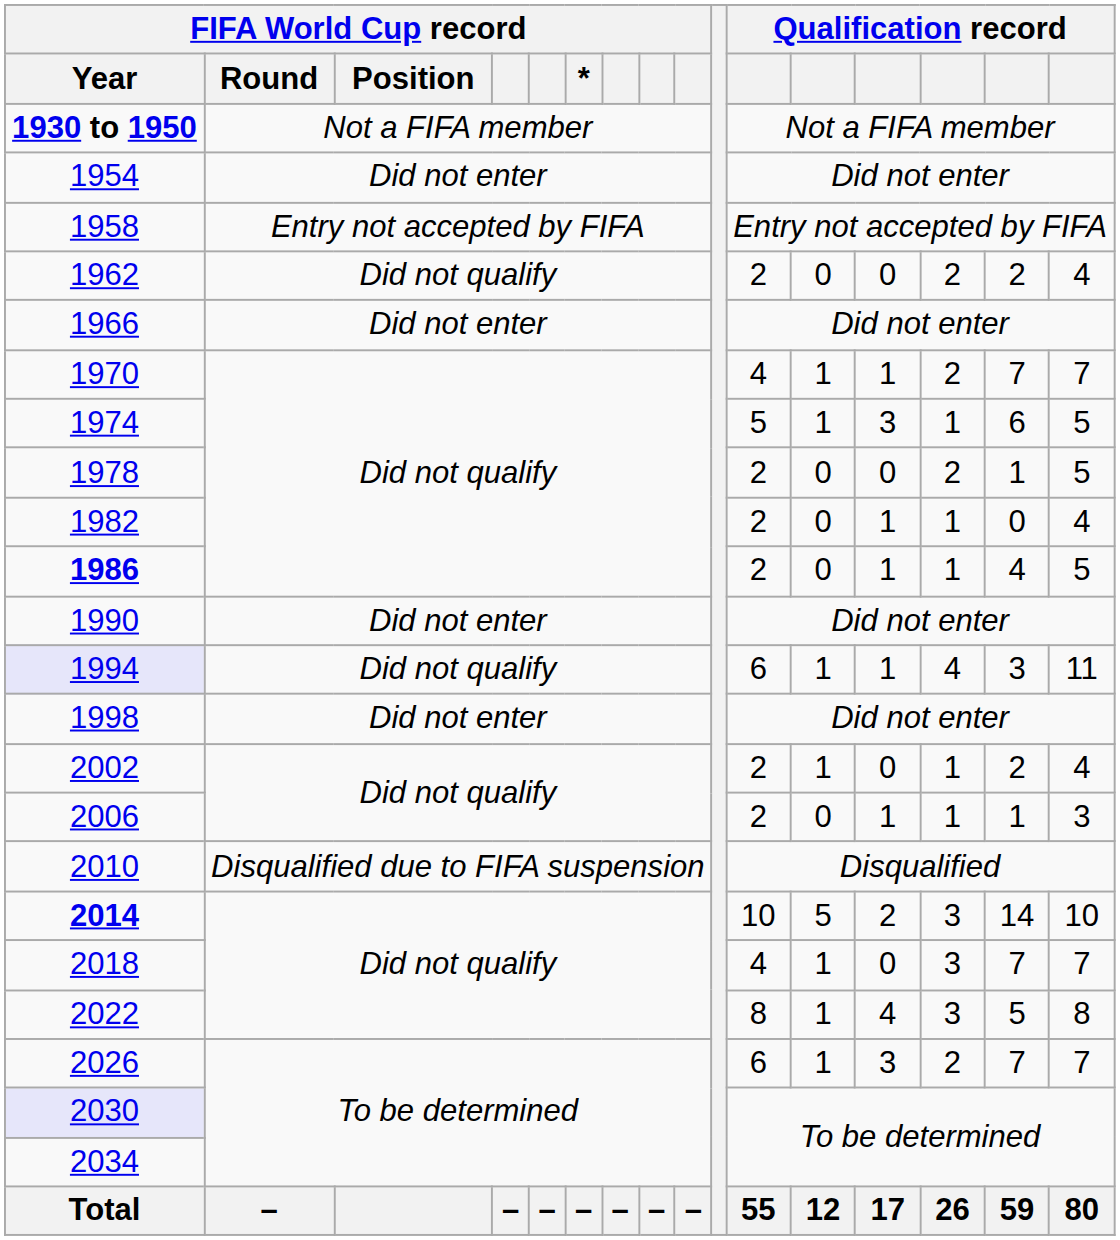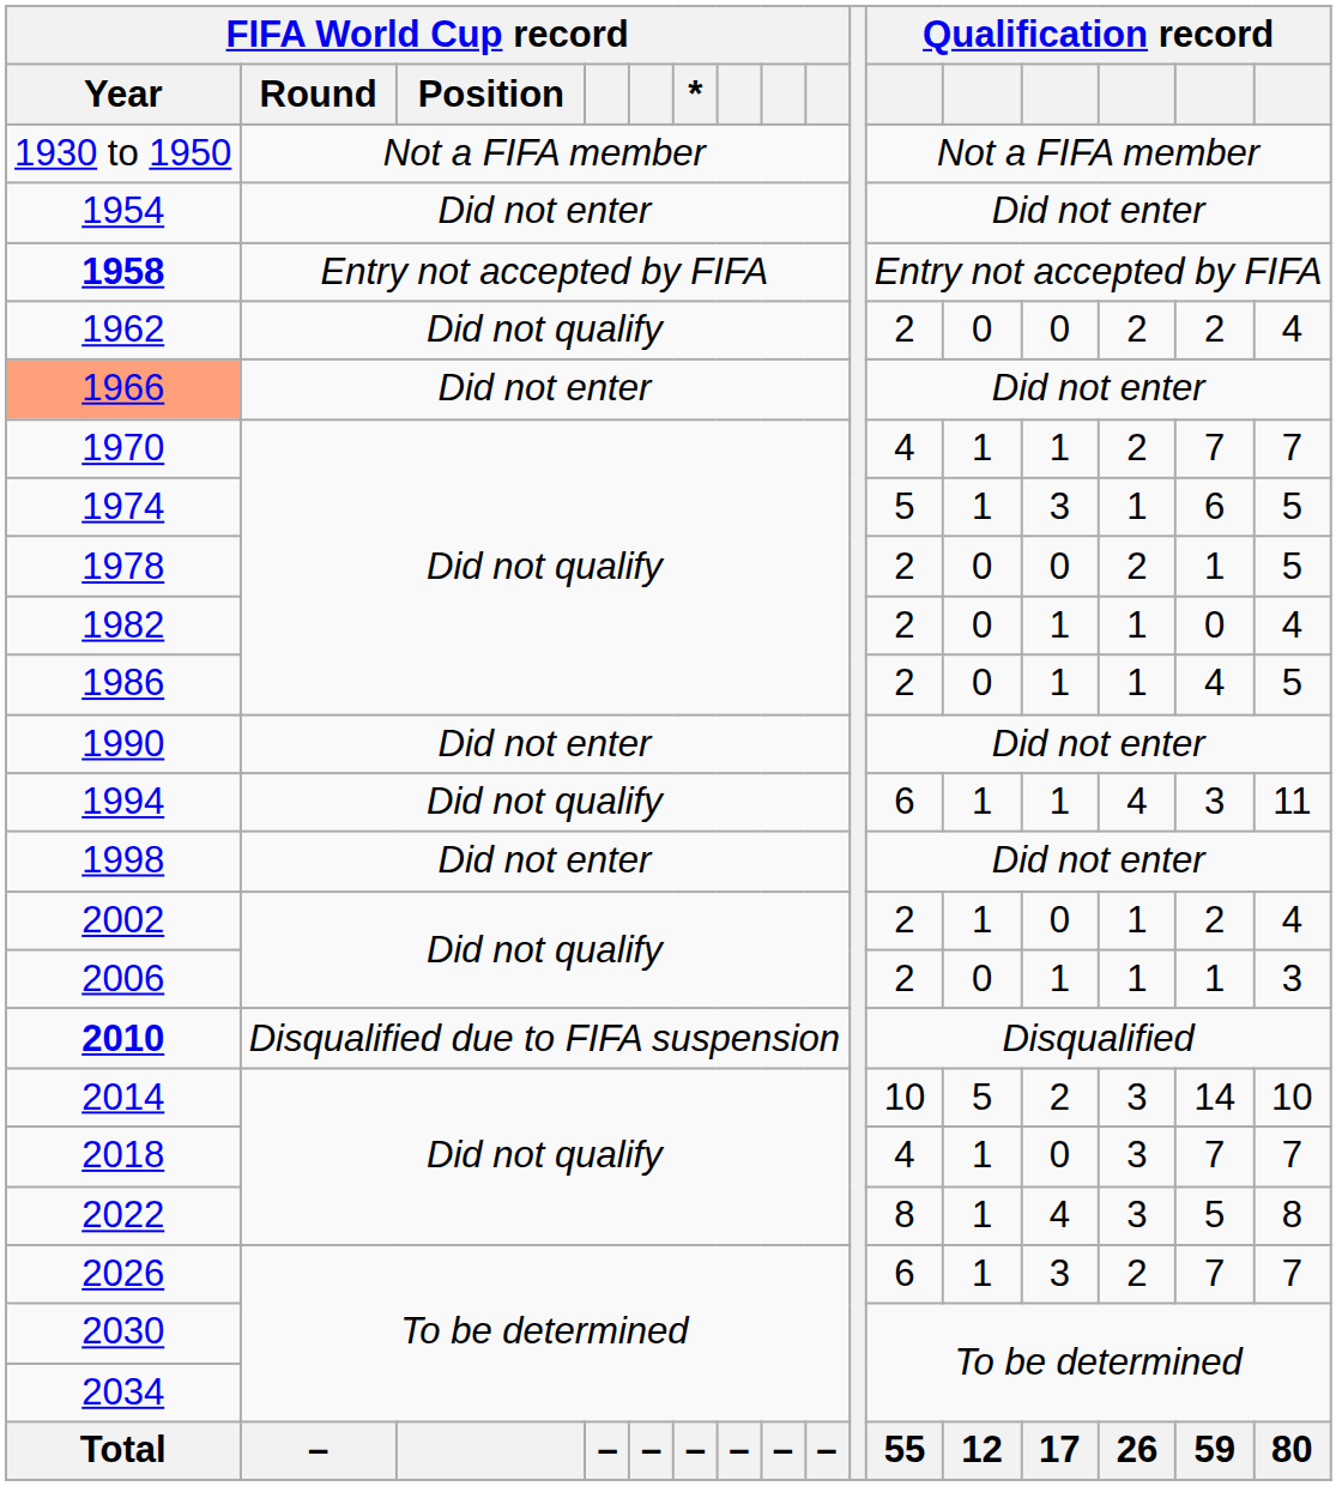 <table class="wikitable" style="text-align:center">
 <tr>
 <th colspan=9><a href='#'>FIFA World Cup</a> record</th>
 <th rowspan=28></th>
 <th colspan=6><a href='#'>Qualification</a> record</th>
 </tr>
 <tr>
 <th>Year</th>
 <th>Round</th>
 <th>Position</th>
 <th></th>
 <th></th>
 <th>*</th>
 <th></th>
 <th></th>
 <th></th>
 <th></th>
 <th></th>
 <th></th>
 <th></th>
 <th></th>
 <th></th>
 </tr>
 <tr>
-<td><strong><a href='#'>1930</a> to <a href='#'>1950</a></strong></td>
+<td><a href='#'>1930</a> to <a href='#'>1950</a></td>
 <td colspan=8><em>Not a FIFA member</em></td>
 <td colspan=6><em>Not a FIFA member</em></td>
 </tr>
 <tr>
 <td> <a href='#'>1954</a></td>
 <td colspan=8><em>Did not enter</em></td>
 <td colspan=6><em>Did not enter</em></td>
 </tr>
 <tr>
-<td> <a href='#'>1958</a></td>
+<td><strong> <a href='#'>1958</a></strong></td>
 <td colspan=8><em>Entry not accepted by FIFA</em></td>
 <td colspan=6><em>Entry not accepted by FIFA</em></td>
 </tr>
 <tr>
 <td> <a href='#'>1962</a></td>
 <td colspan=8><em>Did not qualify</em></td>
 <td>2</td>
 <td>0</td>
 <td>0</td>
 <td>2</td>
 <td>2</td>
 <td>4</td>
 </tr>
 <tr>
-<td> <a href='#'>1966</a></td>
+<td style="background: lightsalmon;"> <a href='#'>1966</a></td>
 <td colspan=8><em>Did not enter</em></td>
 <td colspan=6><em>Did not enter</em></td>
 </tr>
 <tr>
 <td> <a href='#'>1970</a></td>
 <td colspan=8 rowspan=5><em>Did not qualify</em></td>
 <td>4</td>
 <td>1</td>
 <td>1</td>
 <td>2</td>
 <td>7</td>
 <td>7</td>
 </tr>
 <tr>
 <td> <a href='#'>1974</a></td>
 <td>5</td>
 <td>1</td>
 <td>3</td>
 <td>1</td>
 <td>6</td>
 <td>5</td>
 </tr>
 <tr>
 <td> <a href='#'>1978</a></td>
 <td>2</td>
 <td>0</td>
 <td>0</td>
 <td>2</td>
 <td>1</td>
 <td>5</td>
 </tr>
 <tr>
 <td> <a href='#'>1982</a></td>
 <td>2</td>
 <td>0</td>
 <td>1</td>
 <td>1</td>
 <td>0</td>
 <td>4</td>
 </tr>
 <tr>
-<td><strong> <a href='#'>1986</a></strong></td>
+<td> <a href='#'>1986</a></td>
 <td>2</td>
 <td>0</td>
 <td>1</td>
 <td>1</td>
 <td>4</td>
 <td>5</td>
 </tr>
 <tr>
 <td> <a href='#'>1990</a></td>
 <td colspan=8><em>Did not enter</em></td>
 <td colspan=6><em>Did not enter</em></td>
 </tr>
 <tr>
-<td style="background: lavender;"> <a href='#'>1994</a></td>
+<td> <a href='#'>1994</a></td>
 <td colspan=8><em>Did not qualify</em></td>
 <td>6</td>
 <td>1</td>
 <td>1</td>
 <td>4</td>
 <td>3</td>
 <td>11</td>
 </tr>
 <tr>
 <td> <a href='#'>1998</a></td>
 <td colspan=8><em>Did not enter</em></td>
 <td colspan=6><em>Did not enter</em></td>
 </tr>
 <tr>
 <td>  <a href='#'>2002</a></td>
 <td colspan=8 rowspan=2><em>Did not qualify</em></td>
 <td>2</td>
 <td>1</td>
 <td>0</td>
 <td>1</td>
 <td>2</td>
 <td>4</td>
 </tr>
 <tr>
 <td> <a href='#'>2006</a></td>
 <td>2</td>
 <td>0</td>
 <td>1</td>
 <td>1</td>
 <td>1</td>
 <td>3</td>
 </tr>
 <tr>
-<td> <a href='#'>2010</a></td>
+<td><strong> <a href='#'>2010</a></strong></td>
 <td colspan=8><em>Disqualified due to FIFA suspension</em></td>
 <td colspan=6><em>Disqualified</em></td>
 </tr>
 <tr>
-<td><strong> <a href='#'>2014</a></strong></td>
+<td> <a href='#'>2014</a></td>
 <td colspan=8 rowspan=3><em>Did not qualify</em></td>
 <td>10</td>
 <td>5</td>
 <td>2</td>
 <td>3</td>
 <td>14</td>
 <td>10</td>
 </tr>
 <tr>
 <td> <a href='#'>2018</a></td>
 <td>4</td>
 <td>1</td>
 <td>0</td>
 <td>3</td>
 <td>7</td>
 <td>7</td>
 </tr>
 <tr>
 <td> <a href='#'>2022</a></td>
 <td>8</td>
 <td>1</td>
 <td>4</td>
 <td>3</td>
 <td>5</td>
 <td>8</td>
 </tr>
 <tr>
 <td>   <a href='#'>2026</a></td>
 <td colspan=8 rowspan=3><em>To be determined</em></td>
 <td>6</td>
 <td>1</td>
 <td>3</td>
 <td>2</td>
 <td>7</td>
 <td>7</td>
 </tr>
 <tr>
-<td style="background: lavender;">   <a href='#'>2030</a></td>
+<td>   <a href='#'>2030</a></td>
 <td colspan=6 rowspan=2><em>To be determined</em></td>
 </tr>
 <tr>
 <td> <a href='#'>2034</a></td>
 </tr>
 <tr>
 <th>Total</th>
 <th>–</th>
 <th></th>
 <th>–</th>
 <th>–</th>
 <th>–</th>
 <th>–</th>
 <th>–</th>
 <th>–</th>
 <th>55</th>
 <th>12</th>
 <th>17</th>
 <th>26</th>
 <th>59</th>
 <th>80</th>
 </tr>
 </table>
